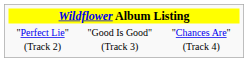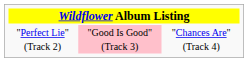 <table class="infobox" style="width: 20em;">
 <tr>
 <th align="center" bgcolor="yellow" colspan="3"><em><a href='#'>Wildflower</a></em> Album Listing</th>
 </tr>
 <tr align="center">
 <td valign="top"><small>"<a href='#'>Perfect Lie</a>"<br>(Track 2)</small></td>
-<td valign="top"><small>"Good Is Good"<br>(Track 3)</small></td>
+<td valign="top" style="background: pink;"><small>"Good Is Good"<br>(Track 3)</small></td>
 <td valign="top"><small>"<a href='#'>Chances Are</a>"<br>(Track 4)</small></td>
 </tr>
 </table>
